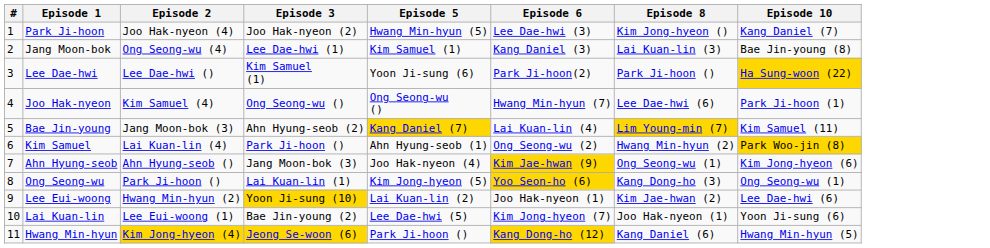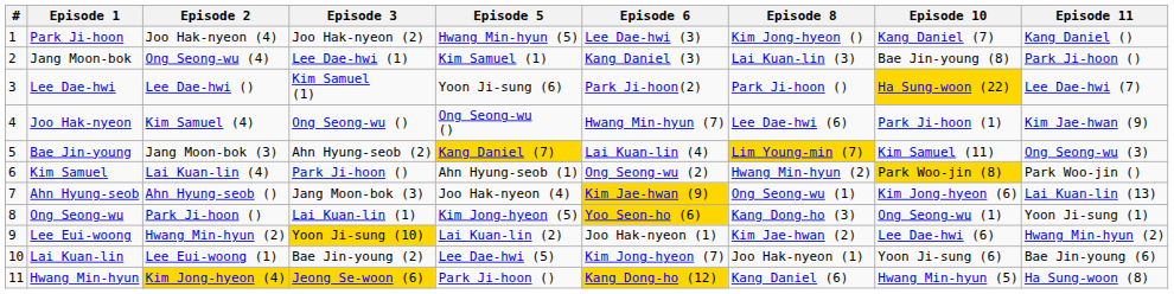 <table class="wikitable">
 <tr>
 <th>#</th>
 <th>Episode 1</th>
 <th>Episode 2</th>
 <th>Episode 3</th>
 <th>Episode 5</th>
 <th>Episode 6</th>
 <th>Episode 8</th>
 <th>Episode 10</th>
+<th>Episode 11</th>
 </tr>
 <tr>
 <td>1</td>
 <td><a href='#'>Park Ji-hoon</a></td>
 <td>Joo Hak-nyeon (4)</td>
 <td>Joo Hak-nyeon (2)</td>
 <td><a href='#'>Hwang Min-hyun</a> (5)</td>
 <td><a href='#'>Lee Dae-hwi</a> (3)</td>
 <td><a href='#'>Kim Jong-hyeon</a> ()</td>
 <td><a href='#'>Kang Daniel</a> (7)</td>
+<td><a href='#'>Kang Daniel</a> ()</td>
 </tr>
 <tr>
 <td>2</td>
 <td>Jang Moon-bok</td>
 <td><a href='#'>Ong Seong-wu</a> (4)</td>
 <td><a href='#'>Lee Dae-hwi</a> (1)</td>
 <td><a href='#'>Kim Samuel</a>      (1)</td>
 <td><a href='#'>Kang Daniel</a> (3)</td>
 <td><a href='#'>Lai Kuan-lin</a> (3)</td>
 <td>Bae Jin-young (8)</td>
+<td><a href='#'>Park Ji-hoon</a> ()</td>
 </tr>
 <tr>
 <td>3</td>
 <td><a href='#'>Lee Dae-hwi</a></td>
 <td><a href='#'>Lee Dae-hwi</a>  ()</td>
 <td><a href='#'>Kim Samuel</a><br>(1)</td>
 <td>Yoon Ji-sung (6)</td>
 <td><a href='#'>Park Ji-hoon</a>(2)</td>
 <td><a href='#'>Park Ji-hoon</a> ()</td>
 <td style="background:gold"><a href='#'>Ha Sung-woon</a> (22)</td>
+<td><a href='#'>Lee Dae-hwi</a> (7)</td>
 </tr>
 <tr>
 <td>4</td>
 <td><a href='#'>Joo Hak-nyeon</a></td>
 <td><a href='#'>Kim Samuel</a>       (4)</td>
 <td><a href='#'>Ong Seong-wu</a> ()</td>
 <td><a href='#'>Ong Seong-wu</a><br>()</td>
 <td><a href='#'>Hwang Min-hyun</a> (7)</td>
 <td><a href='#'>Lee Dae-hwi</a> (6)</td>
 <td><a href='#'>Park Ji-hoon</a> (1)</td>
+<td><a href='#'>Kim Jae-hwan</a> (9)</td>
 </tr>
 <tr>
 <td>5</td>
 <td><a href='#'>Bae Jin-young</a></td>
 <td>Jang Moon-bok (3)</td>
 <td>Ahn Hyung-seob (2)</td>
 <td style="background:gold"><a href='#'>Kang Daniel</a> (7)</td>
 <td><a href='#'>Lai Kuan-lin</a> (4)</td>
 <td style="background:gold"><a href='#'>Lim Young-min</a> (7)</td>
 <td><a href='#'>Kim Samuel</a> (11)</td>
+<td><a href='#'>Ong Seong-wu</a>  (3)</td>
 </tr>
 <tr>
 <td>6</td>
 <td><a href='#'>Kim Samuel</a></td>
 <td><a href='#'>Lai Kuan-lin</a> (4)</td>
 <td><a href='#'>Park Ji-hoon</a> ()</td>
 <td>Ahn Hyung-seob (1)</td>
 <td><a href='#'>Ong Seong-wu</a> (2)</td>
 <td><a href='#'>Hwang Min-hyun</a> (2)</td>
 <td style="background:gold">Park Woo-jin (8)</td>
+<td>Park Woo-jin ()</td>
 </tr>
 <tr>
 <td>7</td>
 <td><a href='#'>Ahn Hyung-seob</a></td>
 <td><a href='#'>Ahn Hyung-seob</a> ()</td>
 <td>Jang Moon-bok (3)</td>
 <td>Joo Hak-nyeon (4)</td>
 <td style="background:gold"><a href='#'>Kim Jae-hwan</a> (9)</td>
 <td><a href='#'>Ong Seong-wu</a> (1)</td>
 <td><a href='#'>Kim Jong-hyeon</a> (6)</td>
+<td><a href='#'>Lai Kuan-lin</a> (13)</td>
 </tr>
 <tr>
 <td>8</td>
 <td><a href='#'>Ong Seong-wu</a></td>
 <td><a href='#'>Park Ji-hoon</a> ()</td>
 <td><a href='#'>Lai Kuan-lin</a> (1)</td>
 <td><a href='#'>Kim Jong-hyeon</a> (5)</td>
 <td style="background:gold"><a href='#'>Yoo Seon-ho</a> (6)</td>
 <td><a href='#'>Kang Dong-ho</a> (3)</td>
 <td><a href='#'>Ong Seong-wu</a> (1)</td>
+<td>Yoon Ji-sung (1)</td>
 </tr>
 <tr>
 <td>9</td>
 <td><a href='#'>Lee Eui-woong</a></td>
 <td><a href='#'>Hwang Min-hyun</a> (2)</td>
 <td style="background:gold">Yoon Ji-sung (10)</td>
 <td><a href='#'>Lai Kuan-lin</a> (2)</td>
 <td>Joo Hak-nyeon (1)</td>
 <td><a href='#'>Kim Jae-hwan</a> (2)</td>
 <td><a href='#'>Lee Dae-hwi</a> (6)</td>
+<td><a href='#'>Hwang Min-hyun</a> (2)</td>
 </tr>
 <tr>
 <td>10</td>
 <td><a href='#'>Lai Kuan-lin</a></td>
 <td><a href='#'>Lee Eui-woong</a> (1)</td>
 <td>Bae Jin-young (2)</td>
 <td><a href='#'>Lee Dae-hwi</a> (5)</td>
 <td><a href='#'>Kim Jong-hyeon</a> (7)</td>
 <td>Joo Hak-nyeon (1)</td>
 <td>Yoon Ji-sung (6)</td>
+<td>Bae Jin-young (6)</td>
 </tr>
 <tr>
 <td>11</td>
 <td><a href='#'>Hwang Min-hyun</a></td>
 <td style="background:gold"><a href='#'>Kim Jong-hyeon</a> (4)</td>
 <td style="background:gold"><a href='#'>Jeong Se-woon</a> (6)</td>
 <td><a href='#'>Park Ji-hoon</a> ()</td>
 <td style="background:gold"><a href='#'>Kang Dong-ho</a> (12)</td>
 <td><a href='#'>Kang Daniel</a> (6)</td>
 <td><a href='#'>Hwang Min-hyun</a> (5)</td>
+<td><a href='#'>Ha Sung-woon</a> (8)</td>
 </tr>
 </table>
